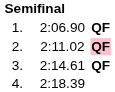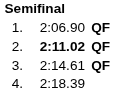 <table style="text-align:center">
 <tr>
 <td colspan=4 align=left><strong>Semifinal</strong></td>
 </tr>
 <tr>
 <td width=30>1.</td>
 <td align=left></td>
 <td width=60>2:06.90</td>
 <td><strong>QF</strong></td>
 </tr>
 <tr>
 <td>2.</td>
 <td align=left></td>
-<td>2:11.02</td>
-<td style="background: pink;"><strong>QF</strong></td>
+<td><strong>2:11.02</strong></td>
+<td><strong>QF</strong></td>
 </tr>
 <tr>
 <td>3.</td>
 <td align=left></td>
 <td>2:14.61</td>
 <td><strong>QF</strong></td>
 </tr>
 <tr>
 <td>4.</td>
 <td align=left></td>
 <td>2:18.39</td>
 <td></td>
 </tr>
 </table>
